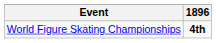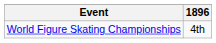 <table class="wikitable" style="text-align:center">
 <tr>
 </tr>
 <tr>
 <th>Event</th>
 <th>1896</th>
 </tr>
 <tr>
 <td align=left><a href='#'>World Figure Skating Championships</a></td>
-<td><strong>4th</strong></td>
+<td>4th</td>
 </tr>
 </table>
